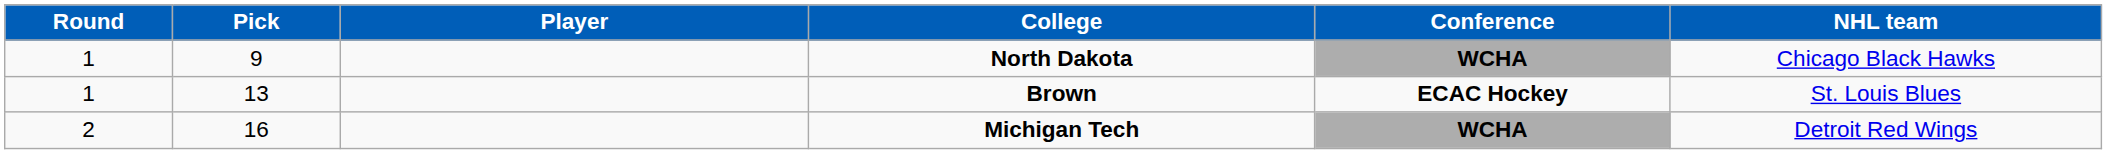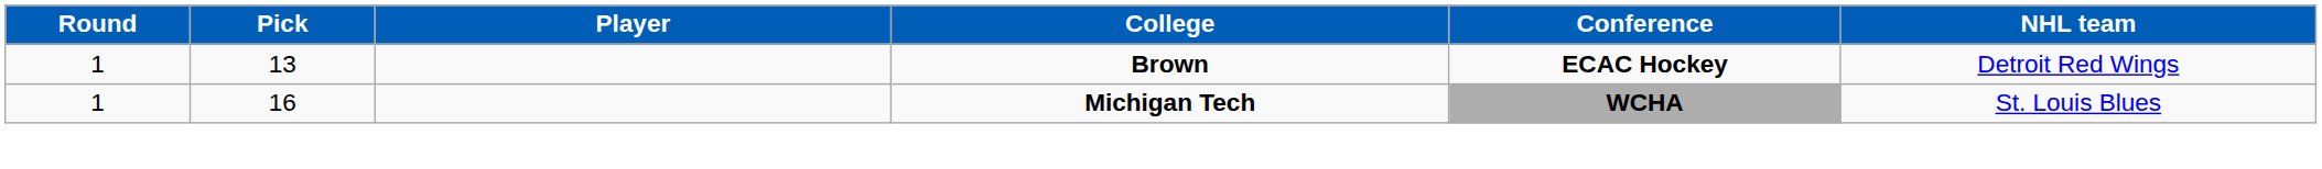 <table class="wikitable sortable" width="75%">
 <tr>
 <th style="color:white; background-color:#005EB8; width: 4em;">Round</th>
 <th style="color:white; background-color:#005EB8; width: 4em;">Pick</th>
 <th style="color:white; background-color:#005EB8; width: 12em;">Player</th>
 <th style="color:white; background-color:#005EB8; width: 13em;">College</th>
 <th style="color:white; background-color:#005EB8; width: 9em;">Conference</th>
 <th style="color:white; background-color:#005EB8; width: 11em;">NHL team</th>
 </tr>
 <tr align="center" bgcolor="">
 <td>1</td>
-<td>9</td>
-<td></td>
-<td><strong>North Dakota</strong></td>
-<td style="color:black; background:#ADADAD; "><strong>WCHA</strong></td>
-<td><a href='#'>Chicago Black Hawks</a></td>
-</tr>
-<tr align="center" bgcolor="">
-<td>1</td>
 <td>13</td>
 <td></td>
 <td><strong>Brown</strong></td>
 <td><strong>ECAC Hockey</strong></td>
-<td><a href='#'>St. Louis Blues</a></td>
+<td><a href='#'>Detroit Red Wings</a></td>
 </tr>
 <tr align="center" bgcolor="">
-<td>2</td>
+<td>1</td>
 <td>16</td>
 <td></td>
 <td><strong>Michigan Tech</strong></td>
 <td style="color:black; background:#ADADAD; "><strong>WCHA</strong></td>
-<td><a href='#'>Detroit Red Wings</a></td>
+<td><a href='#'>St. Louis Blues</a></td>
 </tr>
 </table>
